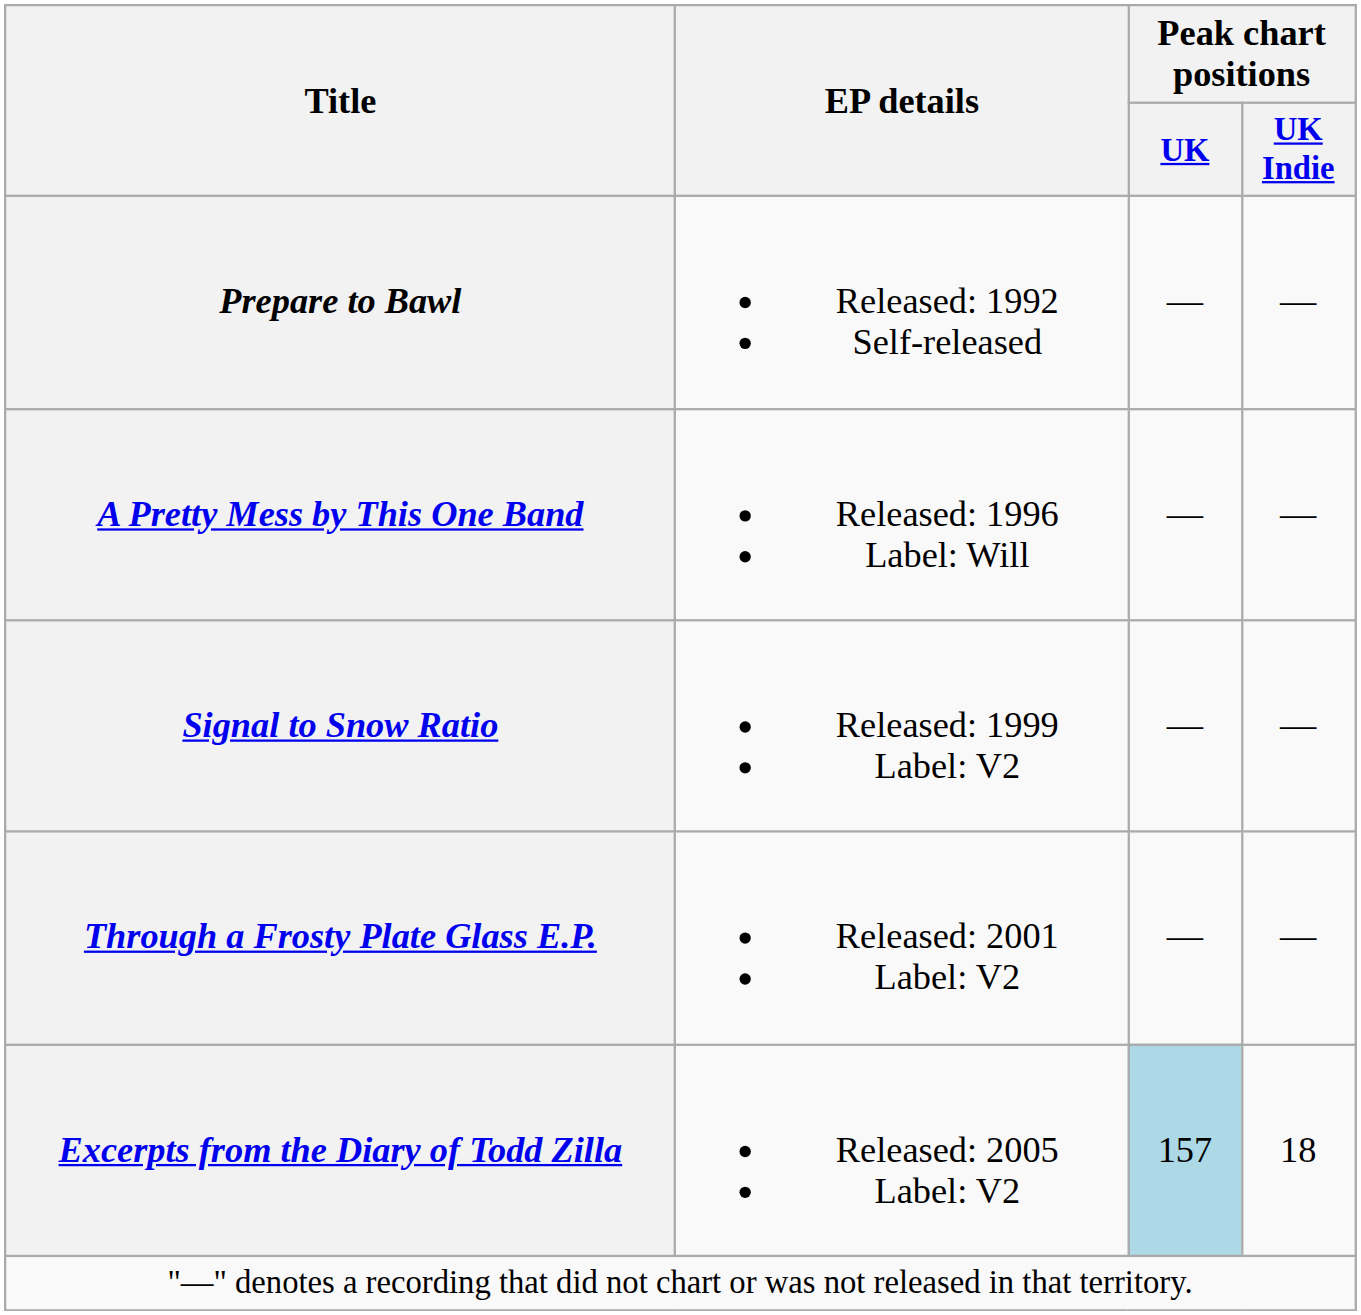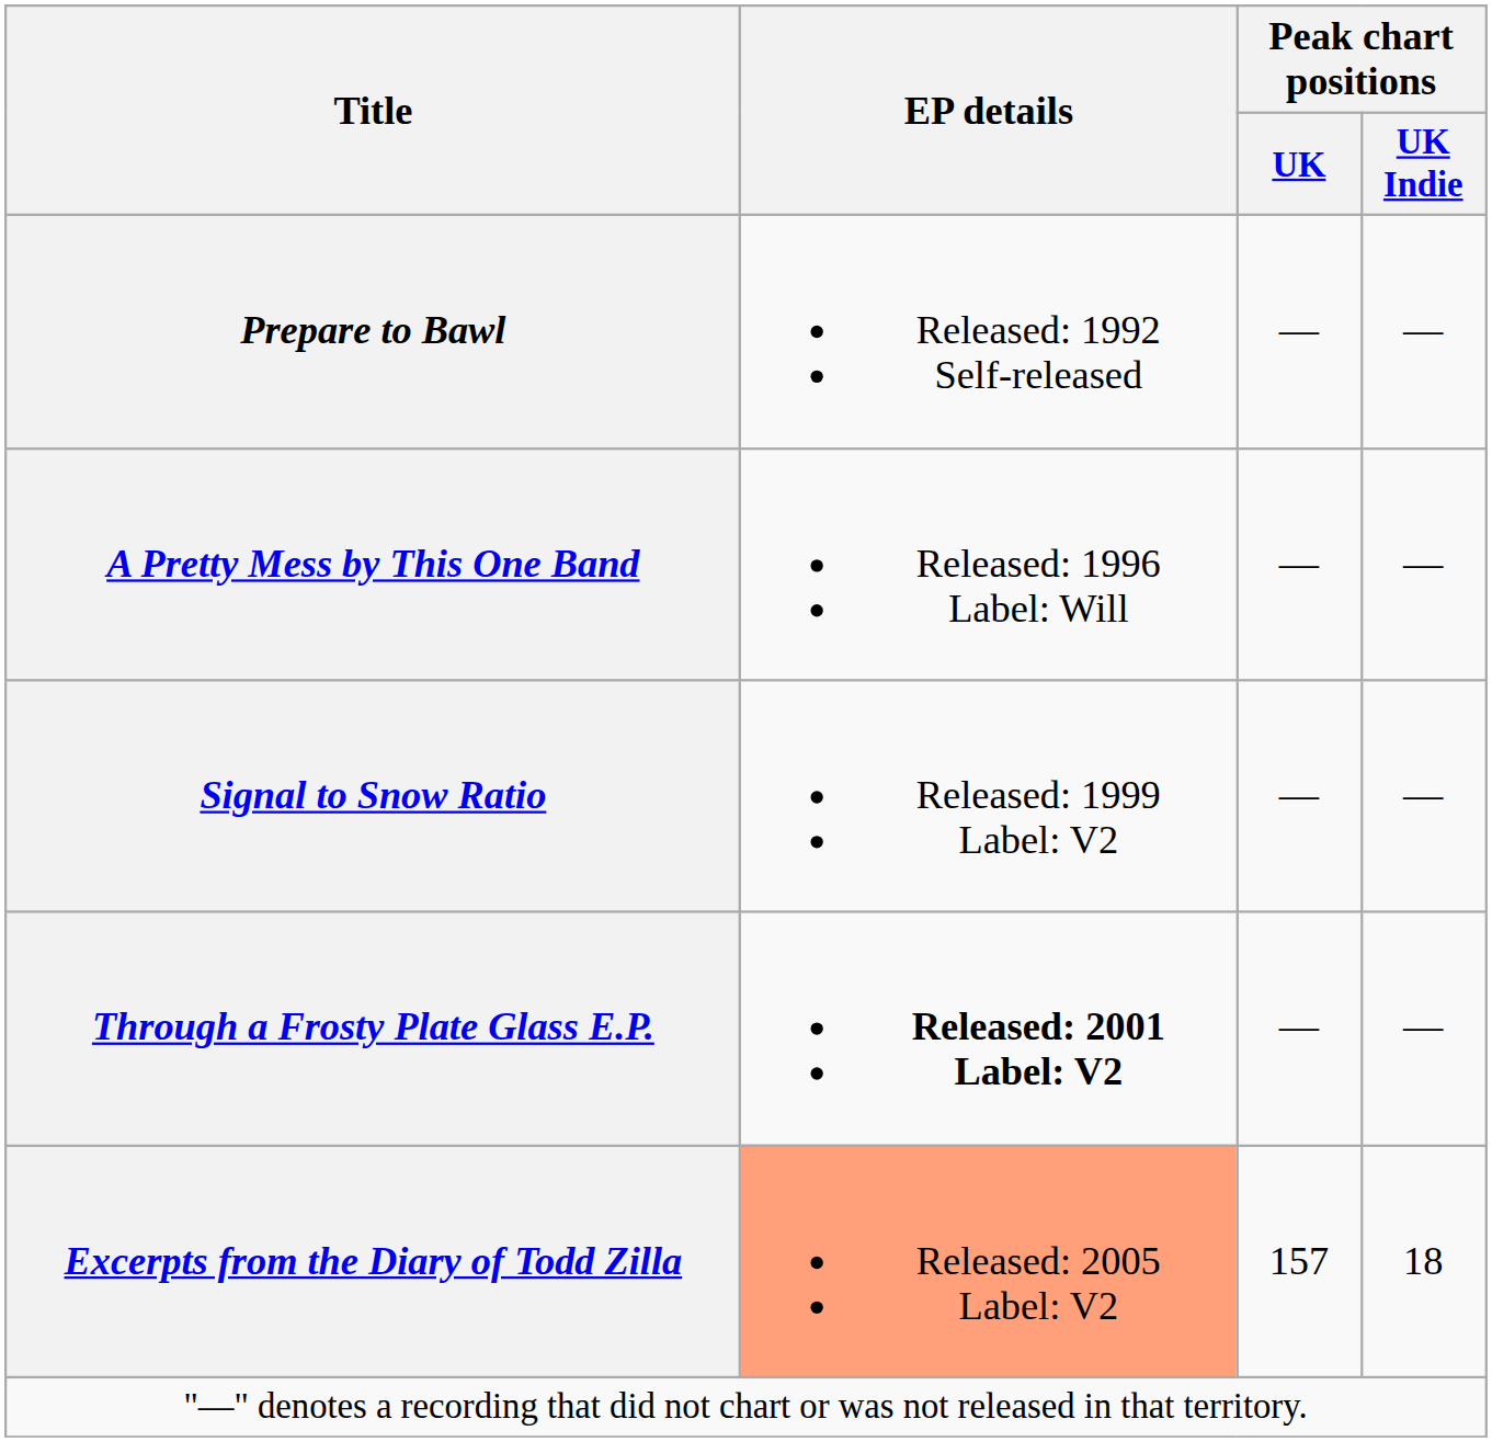 <table class="wikitable plainrowheaders" style="text-align:center;">
 <tr>
 <th scope="col" rowspan="2" style="width:18em;">Title</th>
 <th scope="col" rowspan="2" style="width:12em;">EP details</th>
 <th colspan="2" scope="col">Peak chart positions</th>
 </tr>
 <tr>
 <th scope="col" style="width:3em;font-size:90%;"><a href='#'>UK</a><br></th>
 <th scope="col" style="width:3em;font-size:90%;"><a href='#'>UK<br>Indie</a><br></th>
 </tr>
 <tr>
 <th scope="row"><em>Prepare to Bawl</em></th>
 <td><br><ul><li>Released: 1992</li><li>Self-released</li></ul></td>
 <td>—</td>
 <td>—</td>
 </tr>
 <tr>
 <th scope="row"><em><a href='#'>A Pretty Mess by This One Band</a></em></th>
 <td><br><ul><li>Released: 1996</li><li>Label: Will</li></ul></td>
 <td>—</td>
 <td>—</td>
 </tr>
 <tr>
 <th scope="row"><em><a href='#'>Signal to Snow Ratio</a></em></th>
 <td><br><ul><li>Released: 1999</li><li>Label: V2</li></ul></td>
 <td>—</td>
 <td>—</td>
 </tr>
 <tr>
 <th scope="row"><em><a href='#'>Through a Frosty Plate Glass E.P.</a></em></th>
-<td><br><ul><li>Released: 2001</li><li>Label: V2</li></ul></td>
+<td><strong><br><ul><li>Released: 2001</li><li>Label: V2</li></ul></strong></td>
 <td>—</td>
 <td>—</td>
 </tr>
 <tr>
 <th scope="row"><em><a href='#'>Excerpts from the Diary of Todd Zilla</a></em></th>
-<td><br><ul><li>Released: 2005</li><li>Label: V2</li></ul></td>
-<td style="background: lightblue;">157</td>
+<td style="background: lightsalmon;"><br><ul><li>Released: 2005</li><li>Label: V2</li></ul></td>
+<td>157</td>
 <td>18</td>
 </tr>
 <tr>
 <td colspan="13" style="font-size:90%">"—" denotes a recording that did not chart or was not released in that territory.</td>
 </tr>
 </table>
